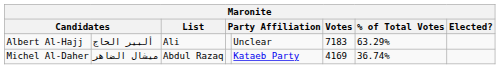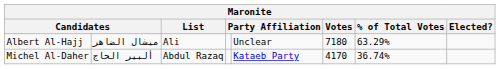 <table class="wikitable sortable">
 <tr>
 <th colspan="8">Maronite</th>
 </tr>
 <tr>
 <th colspan="2">Candidates</th>
 <th>List</th>
 <th colspan="2">Party Affiliation</th>
 <th>Votes</th>
 <th>% of Total Votes</th>
 <th>Elected?</th>
 </tr>
 <tr>
 <td>Albert Al-Hajj</td>
-<td>ألبير الحاج</td>
+<td>ميشال الضاهر</td>
 <td>Ali</td>
 <td style="background: "></td>
 <td>Unclear</td>
-<td>7183</td>
+<td>7180</td>
 <td>63.29%</td>
 <td></td>
 </tr>
 <tr>
 <td>Michel Al-Daher</td>
-<td>ميشال الضاهر</td>
+<td>ألبير الحاج</td>
 <td>Abdul Razaq</td>
 <td style="background: "></td>
 <td><a href='#'>Kataeb Party</a></td>
-<td>4169</td>
+<td>4170</td>
 <td>36.74%</td>
 <td></td>
 </tr>
 </table>
